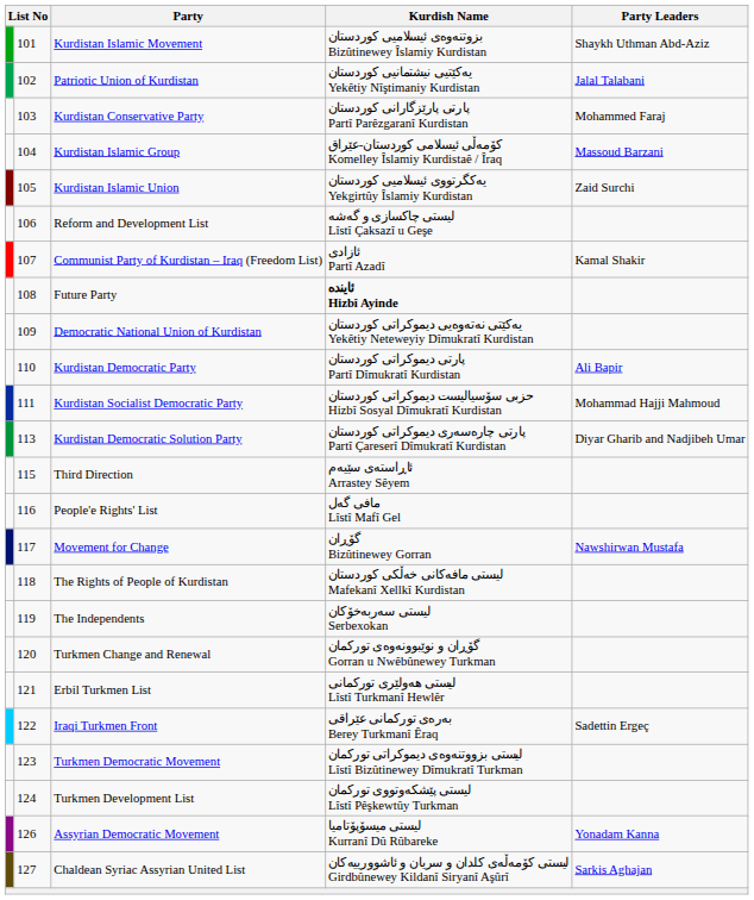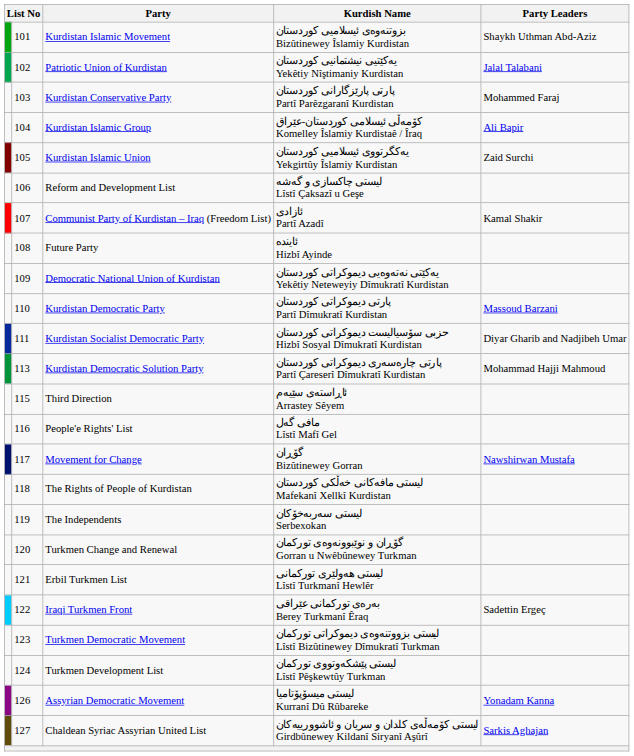 <table class="wikitable sortable" style="border:1px solid #8888aa; background:#f8f8f8; padding:0; font-size:90%;">
 <tr>
 <th colspan=2>List No</th>
 <th>Party</th>
 <th>Kurdish Name</th>
 <th>Party Leaders</th>
 </tr>
 <tr>
 <td style="background:#00a510;"></td>
 <td>101</td>
 <td><a href='#'>Kurdistan Islamic Movement</a></td>
 <td>بزوتنەوەی ئیسلامیی کوردستان<br>Bizûtinewey Îslamiy Kurdistan</td>
 <td>Shaykh Uthman Abd-Aziz</td>
 </tr>
 <tr>
 <td style="background:#00a550;"></td>
 <td>102</td>
 <td><a href='#'>Patriotic Union of Kurdistan</a></td>
 <td>یەکێتیی نیشتمانیی کوردستان<br>Yekêtiy Nîştimaniy Kurdistan</td>
 <td><a href='#'>Jalal Talabani</a></td>
 </tr>
 <tr>
 <td></td>
 <td>103</td>
 <td><a href='#'>Kurdistan Conservative Party</a></td>
 <td>پارتی پارێزگارانی کوردستان<br>Partî Parêzgaranî Kurdistan</td>
 <td>Mohammed Faraj</td>
 </tr>
 <tr>
 <td style="background:#hh7f00;"></td>
 <td>104</td>
 <td><a href='#'>Kurdistan Islamic Group</a></td>
 <td>کۆمەڵی ئیسلامی کوردستان-عێراق<br>Komelley Îslamiy Kurdistaê / Îraq</td>
-<td><a href='#'>Massoud Barzani</a></td>
+<td><a href='#'>Ali Bapir</a></td>
 </tr>
 <tr>
 <td style="background:#810100;"></td>
 <td>105</td>
 <td><a href='#'>Kurdistan Islamic Union</a></td>
 <td>یەکگرتووی ئیسلامیی کوردستان<br>Yekgirtûy Îslamiy Kurdistan</td>
 <td>Zaid Surchi</td>
 </tr>
 <tr>
 <td></td>
 <td>106</td>
 <td>Reform and Development List</td>
 <td>لیستی چاکسازی و گەشە<br>Lîstî Çaksazî u Geşe</td>
 <td></td>
 </tr>
 <tr>
 <td style="background:#f00;"></td>
 <td>107</td>
 <td><a href='#'>Communist Party of Kurdistan – Iraq</a> (Freedom List)</td>
 <td>ئازادی<br>Partî Azadî</td>
 <td>Kamal Shakir</td>
 </tr>
 <tr>
 <td></td>
 <td>108</td>
 <td>Future Party</td>
-<td><strong>ئایندە<br>Hizbî Ayinde</strong></td>
+<td>ئایندە<br>Hizbî Ayinde</td>
 <td></td>
 </tr>
 <tr>
 <td></td>
 <td>109</td>
 <td><a href='#'>Democratic National Union of Kurdistan</a></td>
 <td>یەکێتی نەتەوەیی دیموکراتی کوردستان<br> Yekêtiy Neteweyiy Dîmukratî Kurdistan</td>
 <td></td>
 </tr>
 <tr>
 <td style="background:"></td>
 <td>110</td>
 <td><a href='#'>Kurdistan Democratic Party</a></td>
 <td>پارتی دیموکراتی کوردستان<br>Partî Dîmukratî Kurdistan</td>
-<td><a href='#'>Ali Bapir</a></td>
+<td><a href='#'>Massoud Barzani</a></td>
 </tr>
 <tr>
 <td style="background:#06299C;"></td>
 <td>111</td>
 <td><a href='#'>Kurdistan Socialist Democratic Party</a></td>
 <td>حزبی سۆسیالیست دیموکراتی کوردستان<br>Hizbî Sosyal Dîmukratî Kurdistan</td>
-<td>Mohammad Hajji Mahmoud</td>
+<td>Diyar Gharib and Nadjibeh Umar</td>
 </tr>
 <tr>
 <td style="background:#00943A;"></td>
 <td>113</td>
 <td><a href='#'>Kurdistan Democratic Solution Party</a></td>
 <td>پارتی چارەسەری دیموکراتی کوردستان<br> Partî Çareserî Dîmukratî Kurdistan</td>
-<td>Diyar Gharib and Nadjibeh Umar</td>
+<td>Mohammad Hajji Mahmoud</td>
 </tr>
 <tr>
 <td></td>
 <td>115</td>
 <td>Third Direction</td>
 <td>ئاڕاستەی سێیەم<br>Arrastey Sêyem</td>
 <td></td>
 </tr>
 <tr>
 <td></td>
 <td>116</td>
 <td>People'e Rights' List</td>
 <td>مافی گەل<br>Lîstî Mafî Gel</td>
 <td></td>
 </tr>
 <tr>
 <td style="background:#00116e;"></td>
 <td>117</td>
 <td><a href='#'>Movement for Change</a></td>
 <td>گۆڕان<br>Bizûtinewey Gorran</td>
 <td><a href='#'>Nawshirwan Mustafa</a></td>
 </tr>
 <tr>
 <td></td>
 <td>118</td>
 <td>The Rights of People of Kurdistan</td>
 <td>لیستی مافەکانی خەڵکی کوردستان<br>Mafekanî Xellkî Kurdistan</td>
 <td></td>
 </tr>
 <tr>
 <td></td>
 <td>119</td>
 <td>The Independents</td>
 <td>لیستی سەربەخۆکان<br>Serbexokan</td>
 <td></td>
 </tr>
 <tr>
 <td></td>
 <td>120</td>
 <td>Turkmen Change and Renewal</td>
 <td>گۆڕان و نوێبوونەوەی تورکمان<br>Gorran u Nwêbûnewey Turkman</td>
 <td></td>
 </tr>
 <tr>
 <td></td>
 <td>121</td>
 <td>Erbil Turkmen List</td>
 <td>لیستی ھەولێری تورکمانی<br>Lîstî Turkmanî Hewlêr</td>
 <td></td>
 </tr>
 <tr>
 <td style="background:#0cf;"></td>
 <td>122</td>
 <td><a href='#'>Iraqi Turkmen Front</a></td>
 <td>بەرەی تورکمانی عێراقی<br>Berey Turkmanî Êraq</td>
 <td>Sadettin Ergeç</td>
 </tr>
 <tr>
 <td></td>
 <td>123</td>
 <td><a href='#'>Turkmen Democratic Movement</a></td>
 <td>لیستی بزووتنەوەی دیموکراتی تورکمان<br>Lîstî Bizûtinewey Dîmukratî Turkman</td>
 <td></td>
 </tr>
 <tr>
 <td></td>
 <td>124</td>
 <td>Turkmen Development List</td>
 <td>لیستی پێشکەوتووی تورکمان<br>Lîstî Pêşkewtûy Turkman</td>
 <td></td>
 </tr>
 <tr>
 <td style="background:#8a0886;"></td>
 <td>126</td>
 <td><a href='#'>Assyrian Democratic Movement</a></td>
 <td>لیستی میسۆپۆتامیا<br>Kurranî Dû Rûbareke</td>
 <td><a href='#'>Yonadam Kanna</a></td>
 </tr>
 <tr>
 <td style="background:#5f4c0b;"></td>
 <td>127</td>
 <td>Chaldean Syriac Assyrian United List</td>
 <td>لیستی کۆمەڵەی کلدان و سریان و ئاشوورییەکان<br>Girdbûnewey Kildanî Siryanî Aşûrî</td>
 <td><a href='#'>Sarkis Aghajan</a></td>
 </tr>
 <tr>
 <th colspan="5"></th>
 </tr>
 </table>
